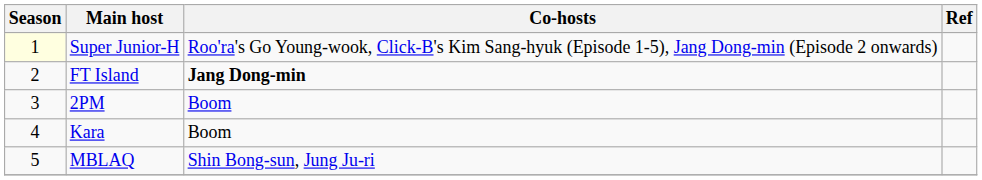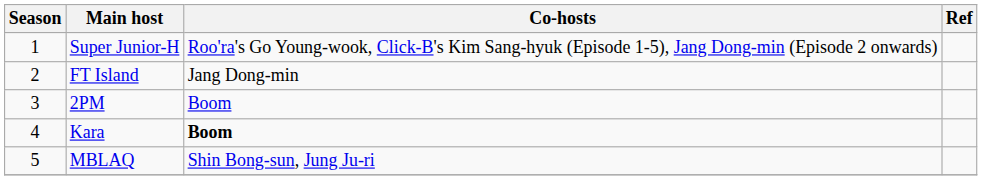 <table class="wikitable">
 <tr>
 <th>Season</th>
 <th>Main host</th>
 <th>Co-hosts</th>
 <th>Ref</th>
 </tr>
 <tr>
-<td align="center" style="background: lightyellow;">1</td>
+<td align="center">1</td>
 <td><a href='#'>Super Junior-H</a></td>
 <td><a href='#'>Roo'ra</a>'s Go Young-wook, <a href='#'>Click-B</a>'s Kim Sang-hyuk (Episode 1-5), <a href='#'>Jang Dong-min</a> (Episode 2 onwards)</td>
 <td align="center"></td>
 </tr>
 <tr>
 <td align="center">2</td>
 <td><a href='#'>FT Island</a></td>
-<td><strong>Jang Dong-min</strong></td>
+<td>Jang Dong-min</td>
 <td align="center"></td>
 </tr>
 <tr>
 <td align="center">3</td>
 <td><a href='#'>2PM</a></td>
 <td><a href='#'>Boom</a></td>
 <td align="center"></td>
 </tr>
 <tr>
 <td align="center">4</td>
 <td><a href='#'>Kara</a></td>
-<td>Boom</td>
+<td><strong>Boom</strong></td>
 <td align="center"></td>
 </tr>
 <tr>
 <td align="center">5</td>
 <td><a href='#'>MBLAQ</a></td>
 <td><a href='#'>Shin Bong-sun</a>, <a href='#'>Jung Ju-ri</a></td>
 <td align="center"></td>
 </tr>
 <tr>
 </tr>
 </table>
